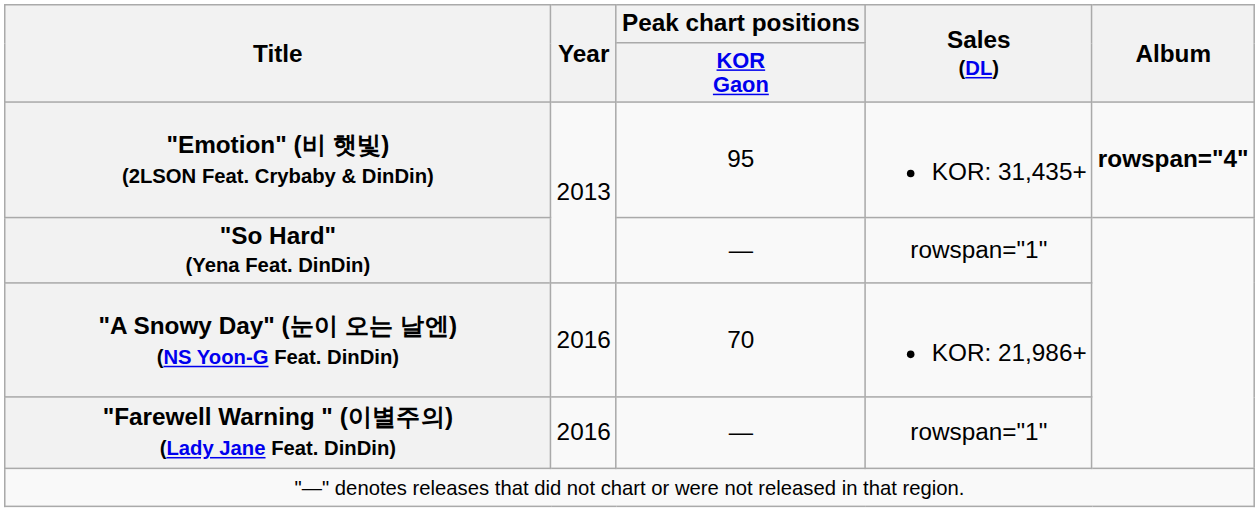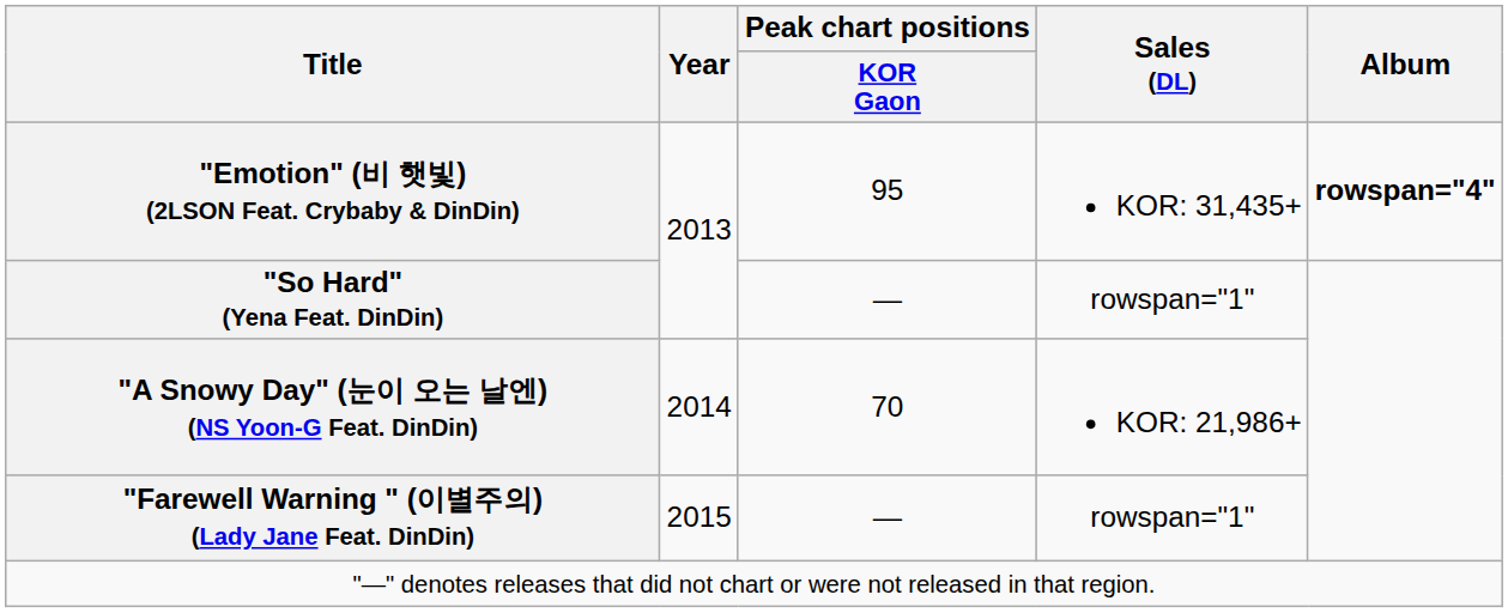 <table class="wikitable plainrowheaders" style="text-align:center;">
 <tr>
 <th rowspan="2" style="width:22em;">Title</th>
 <th rowspan="2">Year</th>
 <th>Peak chart positions</th>
 <th rowspan="2">Sales<br><small>(<a href='#'>DL</a>)</small></th>
 <th rowspan="2">Album</th>
 </tr>
 <tr>
 <th style="width=3em;font-size:90%"><a href='#'>KOR<br>Gaon</a><br></th>
 </tr>
 <tr>
 <th scope="row">"Emotion" (비 햇빛)<br><small>(2LSON Feat. Crybaby & DinDin)</small></th>
 <td rowspan="2">2013</td>
 <td>95</td>
 <td><br><ul><li>KOR: 31,435+</li></ul></td>
 <td><strong>rowspan="4" </strong></td>
 </tr>
 <tr>
 <th scope="row">"So Hard"<br><small>(Yena Feat. DinDin)</small></th>
 <td>—</td>
 <td>rowspan="1" </td>
 </tr>
 <tr>
 <th scope="row">"A Snowy Day" (눈이 오는 날엔)<br><small>(<a href='#'>NS Yoon-G</a> Feat. DinDin)</small></th>
-<td rowspan="1">2016</td>
+<td rowspan="1">2014</td>
 <td>70</td>
 <td><br><ul><li>KOR: 21,986+</li></ul></td>
 </tr>
 <tr>
 <th scope="row">"Farewell Warning " (이별주의)<br><small>(<a href='#'>Lady Jane</a> Feat.  DinDin)</small></th>
-<td rowspan="">2016</td>
+<td rowspan="">2015</td>
 <td>—</td>
 <td>rowspan="1" </td>
 </tr>
 <tr>
 <td colspan="5"><small>"—" denotes releases that did not chart or were not released in that region.</small></td>
 </tr>
 </table>
